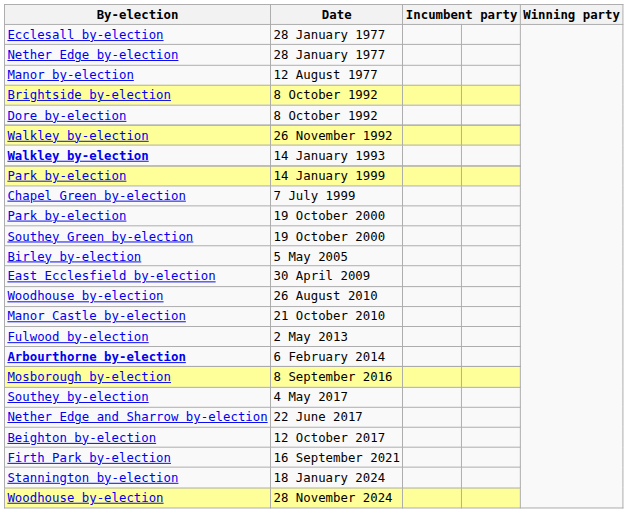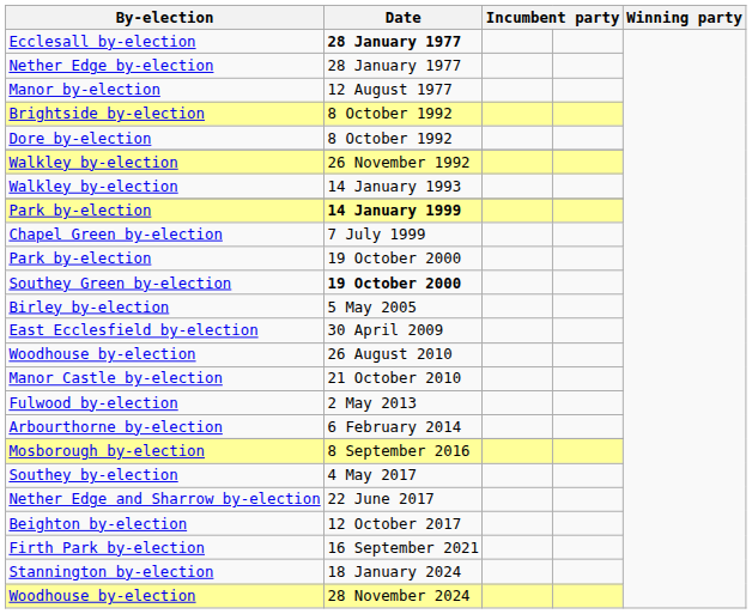 <table class="wikitable">
 <tr>
 <th>By-election</th>
 <th>Date</th>
 <th colspan=2>Incumbent party</th>
 <th colspan=2>Winning party</th>
 </tr>
 <tr>
 <td><a href='#'>Ecclesall by-election</a></td>
-<td>28 January 1977</td>
+<td><strong>28 January 1977</strong></td>
 <td></td>
 <td></td>
 </tr>
 <tr>
 <td><a href='#'>Nether Edge by-election</a></td>
 <td>28 January 1977</td>
 <td></td>
 <td></td>
 </tr>
 <tr>
 <td><a href='#'>Manor by-election</a></td>
 <td>12 August 1977</td>
 <td></td>
 <td></td>
 </tr>
 <tr bgcolor=#FFFF99>
 <td><a href='#'>Brightside by-election</a></td>
 <td>8 October 1992</td>
 <td></td>
 <td></td>
 </tr>
 <tr>
 <td><a href='#'>Dore by-election</a></td>
 <td>8 October 1992</td>
 <td></td>
 <td></td>
 </tr>
 <tr>
 </tr>
 <tr bgcolor=#FFFF99>
 <td><a href='#'>Walkley by-election</a></td>
 <td>26 November 1992</td>
 <td></td>
 <td></td>
 </tr>
 <tr>
-<td><strong><a href='#'>Walkley by-election</a></strong></td>
+<td><a href='#'>Walkley by-election</a></td>
 <td>14 January 1993</td>
 <td></td>
 <td></td>
 </tr>
 <tr>
 </tr>
 <tr bgcolor=#FFFF99>
 <td><a href='#'>Park by-election</a></td>
-<td>14 January 1999</td>
+<td><strong>14 January 1999</strong></td>
 <td></td>
 <td></td>
 </tr>
 <tr>
 <td><a href='#'>Chapel Green by-election</a></td>
 <td>7 July 1999</td>
 <td></td>
 <td></td>
 </tr>
 <tr>
 <td><a href='#'>Park by-election</a></td>
 <td>19 October 2000</td>
 <td></td>
 <td></td>
 </tr>
 <tr>
 <td><a href='#'>Southey Green by-election</a></td>
-<td>19 October 2000</td>
+<td><strong>19 October 2000</strong></td>
 <td></td>
 <td></td>
 </tr>
 <tr>
 <td><a href='#'>Birley by-election</a></td>
 <td>5 May 2005</td>
 <td></td>
 <td></td>
 </tr>
 <tr>
 <td><a href='#'>East Ecclesfield by-election</a></td>
 <td>30 April 2009</td>
 <td></td>
 <td></td>
 </tr>
 <tr>
 <td><a href='#'>Woodhouse by-election</a></td>
 <td>26 August 2010</td>
 <td></td>
 <td></td>
 </tr>
 <tr>
 <td><a href='#'>Manor Castle by-election</a></td>
 <td>21 October 2010</td>
 <td></td>
 <td></td>
 </tr>
 <tr>
 <td><a href='#'>Fulwood by-election</a></td>
 <td>2 May 2013</td>
 <td></td>
 <td></td>
 </tr>
 <tr>
-<td><strong><a href='#'>Arbourthorne by-election</a></strong></td>
+<td><a href='#'>Arbourthorne by-election</a></td>
 <td>6 February 2014</td>
 <td></td>
 <td></td>
 </tr>
 <tr>
 </tr>
 <tr bgcolor=#FFFF99>
 <td><a href='#'>Mosborough by-election</a></td>
 <td>8 September 2016</td>
 <td></td>
 <td></td>
 </tr>
 <tr>
 <td><a href='#'>Southey by-election</a></td>
 <td>4 May 2017</td>
 <td></td>
 <td></td>
 </tr>
 <tr>
 <td><a href='#'>Nether Edge and Sharrow by-election</a></td>
 <td>22 June 2017</td>
 <td></td>
 <td></td>
 </tr>
 <tr>
 <td><a href='#'>Beighton by-election</a></td>
 <td>12 October 2017</td>
 <td></td>
 <td></td>
 </tr>
 <tr>
 <td><a href='#'>Firth Park by-election</a></td>
 <td>16 September 2021</td>
 <td></td>
 <td></td>
 </tr>
 <tr>
 <td><a href='#'>Stannington by-election</a></td>
 <td>18 January 2024</td>
 <td></td>
 <td></td>
 </tr>
 <tr bgcolor=#FFFF99>
 <td><a href='#'>Woodhouse by-election</a></td>
 <td>28 November 2024</td>
 <td></td>
 <td></td>
 </tr>
 </table>
